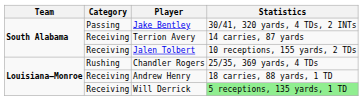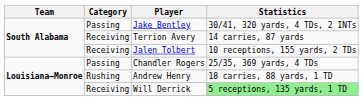 <table class="wikitable" style="float: left;">
 <tr>
 <th>Team</th>
 <th>Category</th>
 <th>Player</th>
 <th>Statistics</th>
 </tr>
 <tr>
 <td rowspan=3><strong>South Alabama</strong></td>
 <td>Passing</td>
 <td><a href='#'>Jake Bentley</a></td>
 <td>30/41, 320 yards, 4 TDs, 2 INTs</td>
 </tr>
 <tr>
 <td>Receiving</td>
 <td>Terrion Avery</td>
 <td>14 carries, 87 yards</td>
 </tr>
 <tr>
 <td>Receiving</td>
 <td><a href='#'>Jalen Tolbert</a></td>
 <td>10 receptions, 155 yards, 2 TDs</td>
 </tr>
 <tr>
 <td rowspan=3><strong>Louisiana–Monroe</strong></td>
-<td>Rushing</td>
+<td>Passing</td>
 <td>Chandler Rogers</td>
 <td>25/35, 369 yards, 4 TDs</td>
 </tr>
 <tr>
-<td>Receiving</td>
+<td>Rushing</td>
 <td>Andrew Henry</td>
 <td>18 carries, 88 yards, 1 TD</td>
 </tr>
 <tr>
 <td>Receiving</td>
 <td>Will Derrick</td>
 <td style="background: lightgreen;">5 receptions, 135 yards, 1 TD</td>
 </tr>
 </table>
